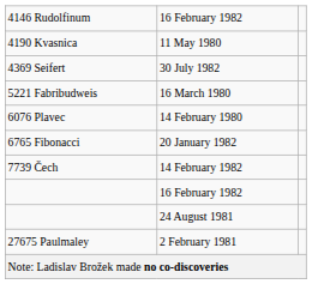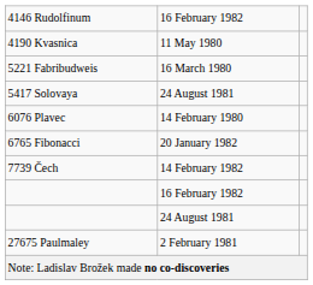 <table class="wikitable" style="font-size: 89%; float: left; width: 26em; margin-right: 1em; height: 336px;">
 <tr>
 <td>4146 Rudolfinum</td>
 <td>16 February 1982</td>
 <td></td>
 </tr>
 <tr>
 <td>4190 Kvasnica</td>
 <td>11 May 1980</td>
 <td></td>
 </tr>
 <tr>
-<td>4369 Seifert</td>
-<td>30 July 1982</td>
+<td>5221 Fabribudweis</td>
+<td>16 March 1980</td>
 <td></td>
 </tr>
 <tr>
-<td>5221 Fabribudweis</td>
-<td>16 March 1980</td>
+<td>5417 Solovaya</td>
+<td>24 August 1981</td>
 <td></td>
 </tr>
 <tr>
 <td>6076 Plavec</td>
 <td>14 February 1980</td>
 <td></td>
 </tr>
 <tr>
 <td>6765 Fibonacci</td>
 <td>20 January 1982</td>
 <td></td>
 </tr>
 <tr>
 <td>7739 Čech</td>
 <td>14 February 1982</td>
 <td></td>
 </tr>
 <tr>
 <td></td>
 <td>16 February 1982</td>
 <td></td>
 </tr>
 <tr>
 <td></td>
 <td>24 August 1981</td>
 <td></td>
 </tr>
 <tr>
 <td>27675 Paulmaley</td>
 <td>2 February 1981</td>
 <td></td>
 </tr>
 <tr>
 <th colspan=3 style="font-weight: normal; text-align: left;">Note: Ladislav Brožek made <strong>no  co-discoveries</strong></th>
 </tr>
 </table>
